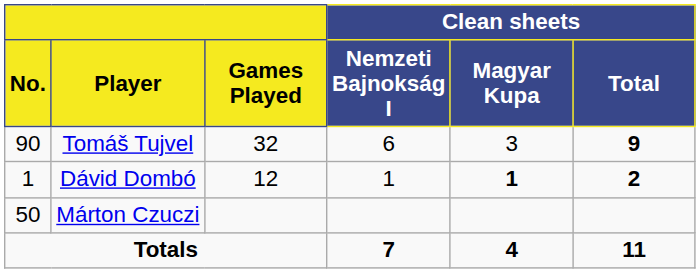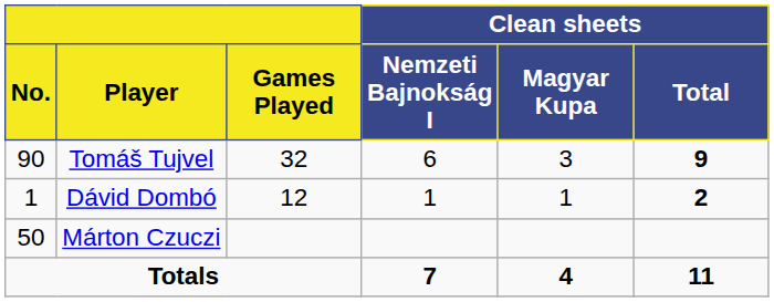 <table class="wikitable sortable alternance" style="text-align:center">
 <tr>
 <th colspan="3" style="background:#F5EA1F;border:1px solid #38478A"></th>
 <th colspan="4" style="background:#38478A;color:white;border:1px solid #F5EA1F">Clean sheets</th>
 </tr>
 <tr>
 <th style="background-color:#F5EA1F;color:black;border:1px solid #38478A">No.</th>
 <th style="background-color:#F5EA1F;color:black;border:1px solid #38478A">Player</th>
 <th width=80 style="background-color:#F5EA1F;color:black;border:1px solid #38478A">Games Played</th>
 <th width=80 style="background-color:#38478A;color:white;border:1px solid #F5EA1F">Nemzeti Bajnokság I</th>
 <th width=80 style="background-color:#38478A;color:white;border:1px solid #F5EA1F">Magyar Kupa</th>
 <th width=80 style="background-color:#38478A;color:white;border:1px solid #F5EA1F">Total</th>
 </tr>
 <tr>
 <td>90</td>
 <td> <a href='#'>Tomáš Tujvel</a></td>
 <td>32</td>
 <td>6</td>
 <td>3</td>
 <td><strong>9</strong></td>
 </tr>
 <tr>
 <td>1</td>
 <td> <a href='#'>Dávid Dombó</a></td>
 <td>12</td>
 <td>1</td>
-<td><strong>1</strong></td>
+<td>1</td>
 <td><strong>2</strong></td>
 </tr>
 <tr>
 <td>50</td>
 <td> <a href='#'>Márton Czuczi</a></td>
 <td></td>
 <td></td>
 <td></td>
 <td></td>
 </tr>
 <tr class="sortbottom">
 <td colspan="3"><strong>Totals</strong></td>
 <td><strong>7</strong></td>
 <td><strong>4</strong></td>
 <td><strong>11</strong></td>
 </tr>
 </table>
